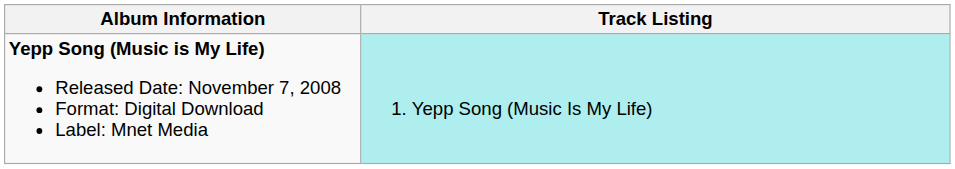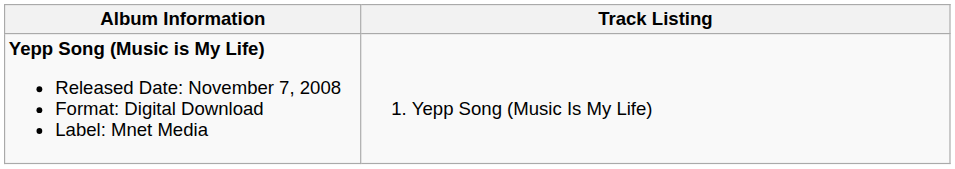 <table class="wikitable">
 <tr>
 <th align="left" width="300px">Album Information</th>
 <th align="left" width="500px">Track Listing</th>
 </tr>
 <tr>
 <td><strong>Yepp Song (Music is My Life)</strong><br><ul><li>Released Date: November 7, 2008</li><li>Format: Digital Download</li><li>Label: Mnet Media</li></ul></td>
-<td style="background: paleturquoise;"><br><ol><li>Yepp Song (Music Is My Life)</li></ol></td>
+<td><br><ol><li>Yepp Song (Music Is My Life)</li></ol></td>
 </tr>
 </table>
